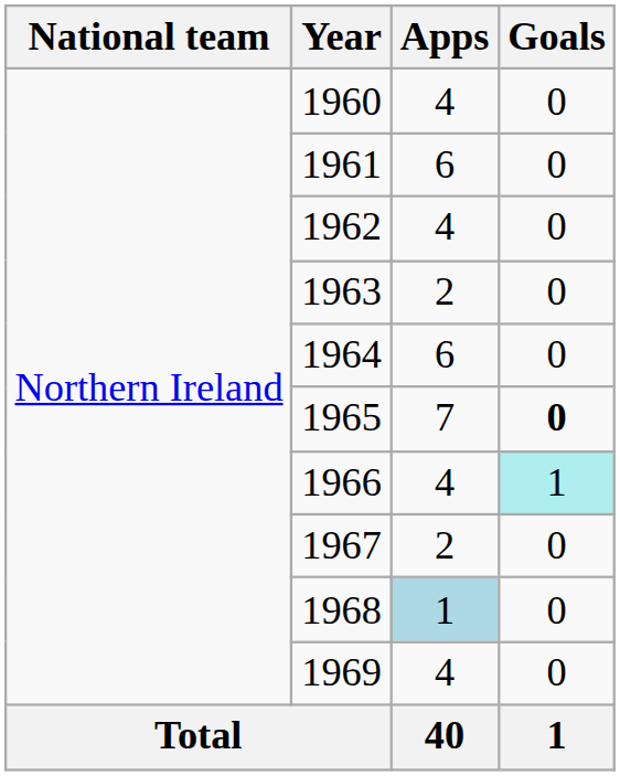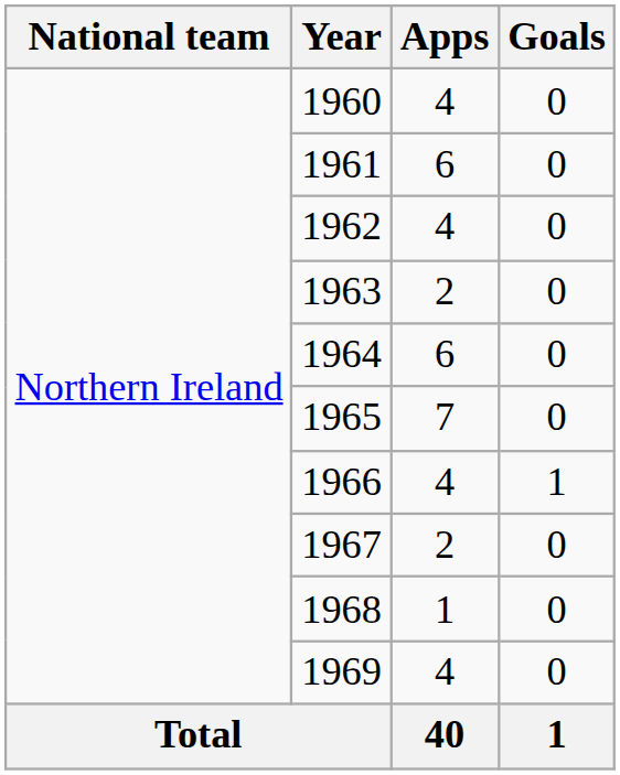 <table class=wikitable style="text-align: center">
 <tr>
 <th>National team</th>
 <th>Year</th>
 <th>Apps</th>
 <th>Goals</th>
 </tr>
 <tr>
 <td rowspan=10><a href='#'>Northern Ireland</a></td>
 <td>1960</td>
 <td>4</td>
 <td>0</td>
 </tr>
 <tr>
 <td>1961</td>
 <td>6</td>
 <td>0</td>
 </tr>
 <tr>
 <td>1962</td>
 <td>4</td>
 <td>0</td>
 </tr>
 <tr>
 <td>1963</td>
 <td>2</td>
 <td>0</td>
 </tr>
 <tr>
 <td>1964</td>
 <td>6</td>
 <td>0</td>
 </tr>
 <tr>
 <td>1965</td>
 <td>7</td>
-<td><strong>0</strong></td>
+<td>0</td>
 </tr>
 <tr>
 <td>1966</td>
 <td>4</td>
-<td style="background: paleturquoise;">1</td>
+<td>1</td>
 </tr>
 <tr>
 <td>1967</td>
 <td>2</td>
 <td>0</td>
 </tr>
 <tr>
 <td>1968</td>
-<td style="background: lightblue;">1</td>
+<td>1</td>
 <td>0</td>
 </tr>
 <tr>
 <td>1969</td>
 <td>4</td>
 <td>0</td>
 </tr>
 <tr>
 <th colspan=2>Total</th>
 <th>40</th>
 <th>1</th>
 </tr>
 </table>
